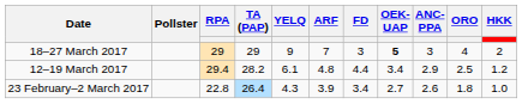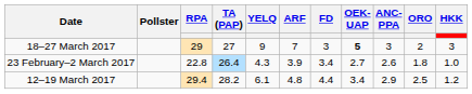 <table class=wikitable style=text-align:center>
 <tr>
 <th rowspan=2>Date</th>
 <th rowspan=2>Pollster</th>
 <th width=40px><a href='#'>RPA</a></th>
 <th width=40px><a href='#'>TA</a> (<a href='#'>PAP</a>)</th>
 <th width=40px><a href='#'>YELQ</a></th>
 <th width=40px><a href='#'>ARF</a></th>
 <th width=40px><a href='#'>FD</a></th>
 <th width=40px><a href='#'>OEK-UAP</a></th>
 <th width=40px><a href='#'>ANC-PPA</a></th>
 <th width=40px><a href='#'>ORO</a></th>
 <th width=40px><a href='#'>HKK</a></th>
 </tr>
 <tr>
 <th style="background:"></th>
 <th style="background:"></th>
 <th style="background:"></th>
 <th style="background:"></th>
 <th style="background:"></th>
 <th style="background:"></th>
 <th style="background:"></th>
 <th></th>
 <th style="background:red;"></th>
 </tr>
 <tr>
 <td>18–27 March 2017</td>
 <td></td>
 <td style="background:#FFE5B4">29</td>
-<td>29</td>
+<td>27</td>
 <td>9</td>
 <td>7</td>
 <td>3</td>
 <td><strong>5</strong></td>
 <td>3</td>
-<td>4</td>
 <td>2</td>
+<td>3</td>
+</tr>
+<tr>
+<td>23 February–2 March 2017</td>
+<td></td>
+<td>22.8</td>
+<td style="background:#B3E0FF">26.4</td>
+<td>4.3</td>
+<td>3.9</td>
+<td>3.4</td>
+<td>2.7</td>
+<td>2.6</td>
+<td>1.8</td>
+<td>1.0</td>
 </tr>
 <tr>
 <td>12–19 March 2017</td>
 <td></td>
 <td style="background:#FFE5B4">29.4</td>
 <td>28.2</td>
 <td>6.1</td>
 <td>4.8</td>
 <td>4.4</td>
 <td>3.4</td>
 <td>2.9</td>
 <td>2.5</td>
 <td>1.2</td>
 </tr>
-<tr>
-<td>23 February–2 March 2017</td>
-<td></td>
-<td>22.8</td>
-<td style="background:#B3E0FF">26.4</td>
-<td>4.3</td>
-<td>3.9</td>
-<td>3.4</td>
-<td>2.7</td>
-<td>2.6</td>
-<td>1.8</td>
-<td>1.0</td>
-</tr>
 </table>
